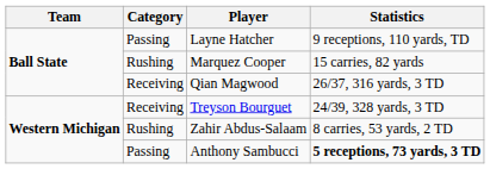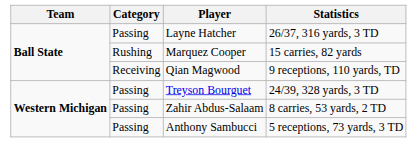 <table class="wikitable" style="float: right;">
 <tr>
 <th>Team</th>
 <th>Category</th>
 <th>Player</th>
 <th>Statistics</th>
 </tr>
 <tr>
 <td rowspan=3><strong>Ball State</strong></td>
 <td>Passing</td>
 <td>Layne Hatcher</td>
-<td>9 receptions, 110 yards, TD</td>
+<td>26/37, 316 yards, 3 TD</td>
 </tr>
 <tr>
 <td>Rushing</td>
 <td>Marquez Cooper</td>
 <td>15 carries, 82 yards</td>
 </tr>
 <tr>
 <td>Receiving</td>
 <td>Qian Magwood</td>
-<td>26/37, 316 yards, 3 TD</td>
+<td>9 receptions, 110 yards, TD</td>
 </tr>
 <tr>
 <td rowspan=3><strong>Western Michigan</strong></td>
-<td>Receiving</td>
+<td>Passing</td>
 <td><a href='#'>Treyson Bourguet</a></td>
 <td>24/39, 328 yards, 3 TD</td>
 </tr>
 <tr>
-<td>Rushing</td>
+<td>Passing</td>
 <td>Zahir Abdus-Salaam</td>
 <td>8 carries, 53 yards, 2 TD</td>
 </tr>
 <tr>
 <td>Passing</td>
 <td>Anthony Sambucci</td>
-<td><strong>5 receptions, 73 yards, 3 TD</strong></td>
+<td>5 receptions, 73 yards, 3 TD</td>
 </tr>
 </table>
